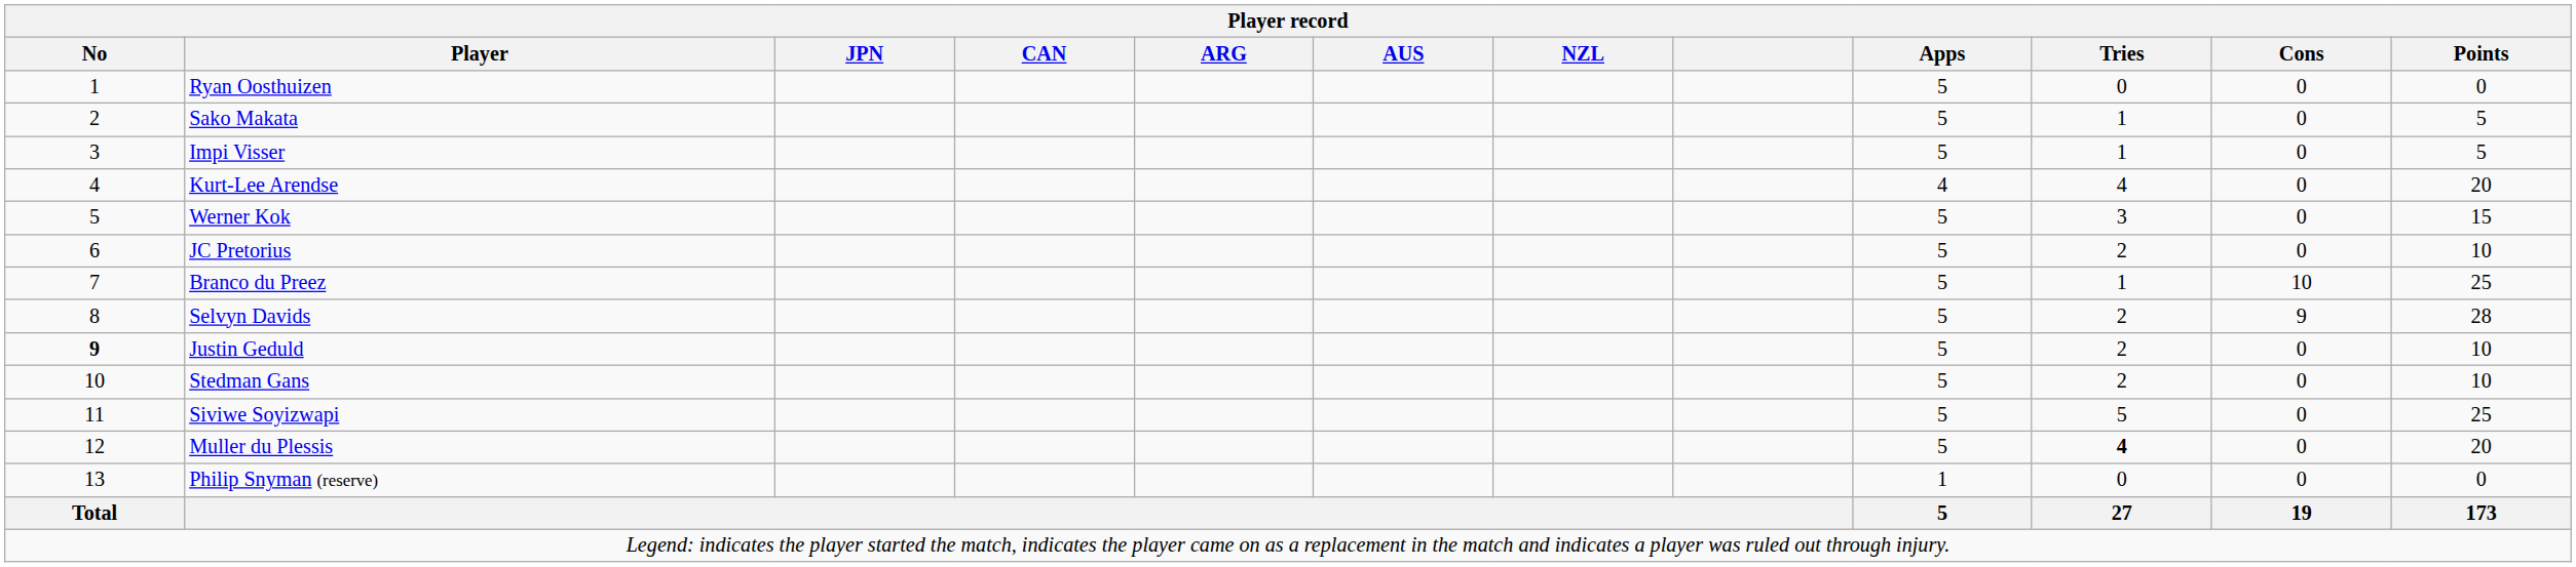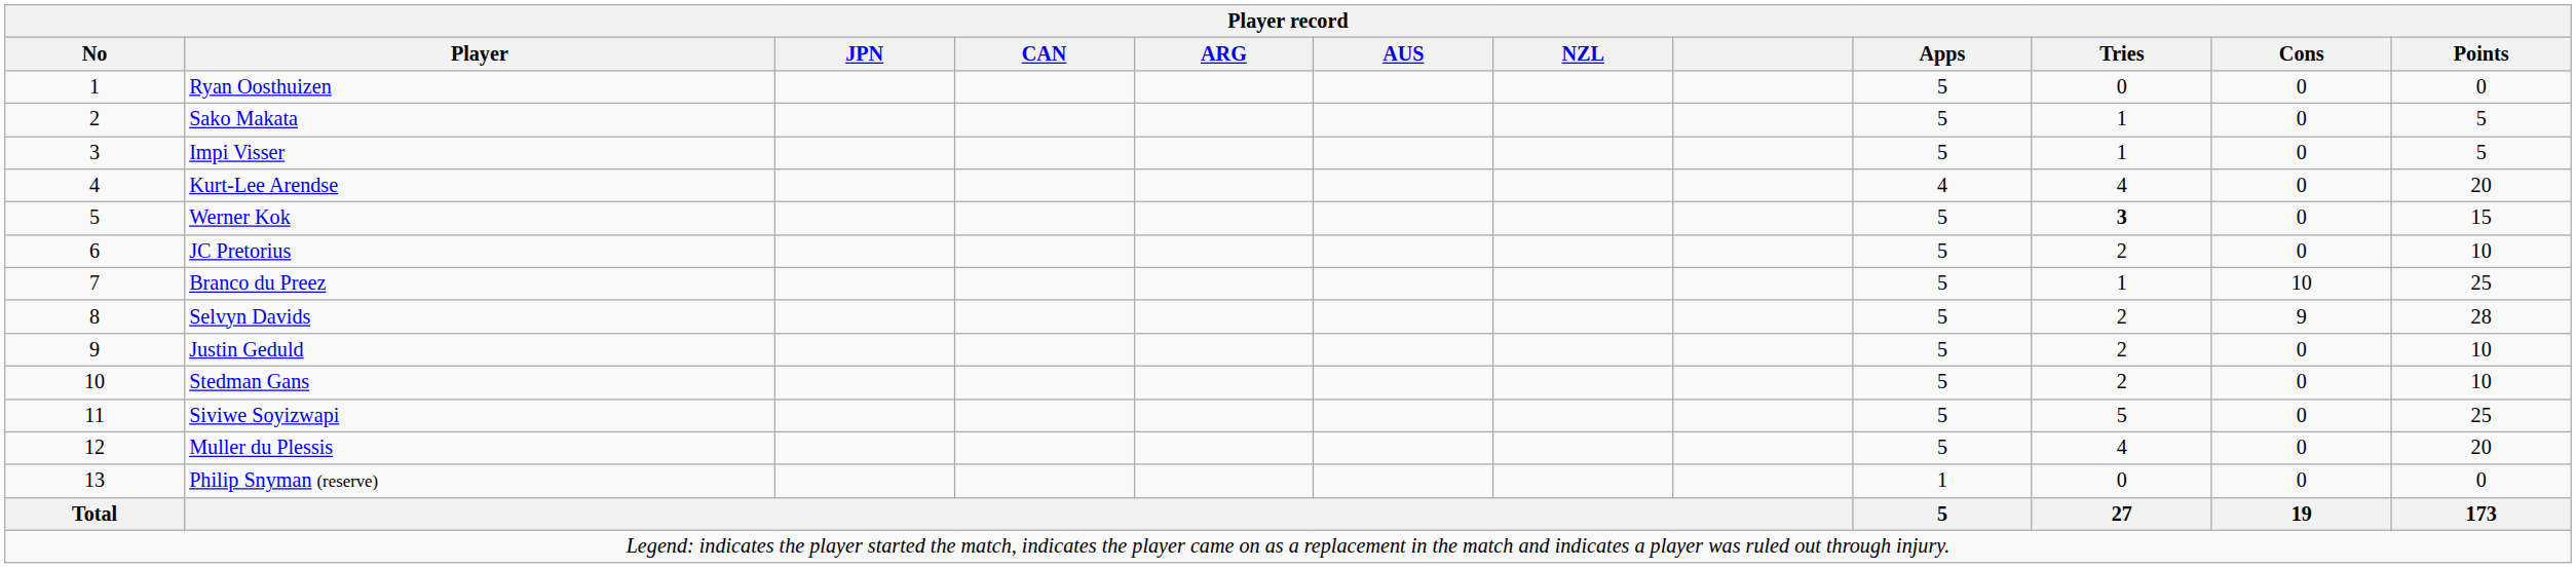 <table class="wikitable" style="text-align:center; width:100%">
 <tr>
 <th colspan="100%">Player record</th>
 </tr>
 <tr>
 <th style="width:7%;">No</th>
 <th style="width:23%;">Player</th>
 <th style="width:7%;"><a href='#'>JPN</a></th>
 <th style="width:7%;"><a href='#'>CAN</a></th>
 <th style="width:7%;"><a href='#'>ARG</a></th>
 <th style="width:7%;"><a href='#'>AUS</a></th>
 <th style="width:7%;"><a href='#'>NZL</a></th>
 <th style="width:7%;"></th>
 <th style="width:7%;">Apps</th>
 <th style="width:7%;">Tries</th>
 <th style="width:7%;">Cons</th>
 <th style="width:7%;">Points</th>
 </tr>
 <tr>
 <td>1</td>
 <td style="text-align:left;"><a href='#'>Ryan Oosthuizen</a></td>
 <td></td>
 <td></td>
 <td></td>
 <td></td>
 <td></td>
 <td></td>
 <td>5</td>
 <td>0</td>
 <td>0</td>
 <td>0</td>
 </tr>
 <tr>
 <td>2</td>
 <td style="text-align:left;"><a href='#'>Sako Makata</a></td>
 <td></td>
 <td></td>
 <td></td>
 <td></td>
 <td></td>
 <td></td>
 <td>5</td>
 <td>1</td>
 <td>0</td>
 <td>5</td>
 </tr>
 <tr>
 <td>3</td>
 <td style="text-align:left;"><a href='#'>Impi Visser</a></td>
 <td></td>
 <td></td>
 <td></td>
 <td></td>
 <td></td>
 <td></td>
 <td>5</td>
 <td>1</td>
 <td>0</td>
 <td>5</td>
 </tr>
 <tr>
 <td>4</td>
 <td style="text-align:left;"><a href='#'>Kurt-Lee Arendse</a></td>
 <td></td>
 <td></td>
 <td></td>
 <td></td>
 <td></td>
 <td></td>
 <td>4</td>
 <td>4</td>
 <td>0</td>
 <td>20</td>
 </tr>
 <tr>
 <td>5</td>
 <td style="text-align:left;"><a href='#'>Werner Kok</a></td>
 <td></td>
 <td></td>
 <td></td>
 <td></td>
 <td></td>
 <td></td>
 <td>5</td>
-<td>3</td>
+<td><strong>3</strong></td>
 <td>0</td>
 <td>15</td>
 </tr>
 <tr>
 <td>6</td>
 <td style="text-align:left;"><a href='#'>JC Pretorius</a></td>
 <td></td>
 <td></td>
 <td></td>
 <td></td>
 <td></td>
 <td></td>
 <td>5</td>
 <td>2</td>
 <td>0</td>
 <td>10</td>
 </tr>
 <tr>
 <td>7</td>
 <td style="text-align:left;"><a href='#'>Branco du Preez</a></td>
 <td></td>
 <td></td>
 <td></td>
 <td></td>
 <td></td>
 <td></td>
 <td>5</td>
 <td>1</td>
 <td>10</td>
 <td>25</td>
 </tr>
 <tr>
 <td>8</td>
 <td style="text-align:left;"><a href='#'>Selvyn Davids</a></td>
 <td></td>
 <td></td>
 <td></td>
 <td></td>
 <td></td>
 <td></td>
 <td>5</td>
 <td>2</td>
 <td>9</td>
 <td>28</td>
 </tr>
 <tr>
-<td><strong>9</strong></td>
+<td>9</td>
 <td style="text-align:left;"><a href='#'>Justin Geduld</a></td>
 <td></td>
 <td></td>
 <td></td>
 <td></td>
 <td></td>
 <td></td>
 <td>5</td>
 <td>2</td>
 <td>0</td>
 <td>10</td>
 </tr>
 <tr>
 <td>10</td>
 <td style="text-align:left;"><a href='#'>Stedman Gans</a></td>
 <td></td>
 <td></td>
 <td></td>
 <td></td>
 <td></td>
 <td></td>
 <td>5</td>
 <td>2</td>
 <td>0</td>
 <td>10</td>
 </tr>
 <tr>
 <td>11</td>
 <td style="text-align:left;"><a href='#'>Siviwe Soyizwapi</a></td>
 <td></td>
 <td></td>
 <td></td>
 <td></td>
 <td></td>
 <td></td>
 <td>5</td>
 <td>5</td>
 <td>0</td>
 <td>25</td>
 </tr>
 <tr>
 <td>12</td>
 <td style="text-align:left;"><a href='#'>Muller du Plessis</a></td>
 <td></td>
 <td></td>
 <td></td>
 <td></td>
 <td></td>
 <td></td>
 <td>5</td>
-<td><strong>4</strong></td>
+<td>4</td>
 <td>0</td>
 <td>20</td>
 </tr>
 <tr>
 <td>13</td>
 <td style="text-align:left;"><a href='#'>Philip Snyman</a> <small>(reserve)</small></td>
 <td></td>
 <td></td>
 <td></td>
 <td></td>
 <td></td>
 <td></td>
 <td>1</td>
 <td>0</td>
 <td>0</td>
 <td>0</td>
 </tr>
 <tr>
 <th>Total</th>
 <th colspan="7"></th>
 <th>5</th>
 <th>27</th>
 <th>19</th>
 <th>173</th>
 </tr>
 <tr>
 <td colspan="100%"><em>Legend: <span></span> indicates the player started the match, <span></span> indicates the player came on as a replacement in the match and  indicates a player was ruled out through injury.</em></td>
 </tr>
 </table>
